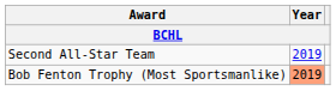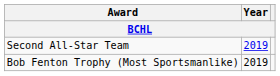 <table class="wikitable">
 <tr>
 <th>Award</th>
 <th>Year</th>
 <th></th>
 </tr>
 <tr ALIGN="center" bgcolor="#e0e0e0">
 <th colspan="3"><a href='#'>BCHL</a></th>
 </tr>
 <tr>
 <td>Second All-Star Team</td>
 <td><a href='#'>2019</a></td>
 <td></td>
 </tr>
 <tr>
 <td>Bob Fenton Trophy (Most Sportsmanlike)</td>
-<td style="background: lightsalmon;">2019</td>
+<td>2019</td>
 <td></td>
 </tr>
 </table>
